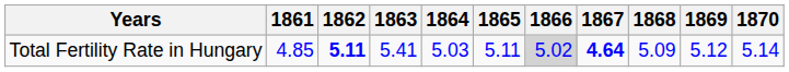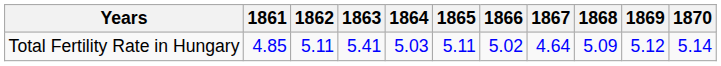 <table class="wikitable " style="text-align:right">
 <tr>
 <th>Years</th>
 <th>1861</th>
 <th>1862</th>
 <th>1863</th>
 <th>1864</th>
 <th>1865</th>
 <th>1866</th>
 <th>1867</th>
 <th>1868</th>
 <th>1869</th>
 <th>1870</th>
 </tr>
 <tr>
 <td align="left">Total Fertility Rate in Hungary</td>
 <td style="text-align:right; color:blue;">4.85</td>
-<td style="text-align:right; color:blue;"><strong>5.11</strong></td>
+<td style="text-align:right; color:blue;">5.11</td>
 <td style="text-align:right; color:blue;">5.41</td>
 <td style="text-align:right; color:blue;">5.03</td>
 <td style="text-align:right; color:blue;">5.11</td>
-<td style="background: lightgrey; text-align:right; color:blue;">5.02</td>
-<td style="text-align:right; color:blue;"><strong>4.64</strong></td>
+<td style="text-align:right; color:blue;">5.02</td>
+<td style="text-align:right; color:blue;">4.64</td>
 <td style="text-align:right; color:blue;">5.09</td>
 <td style="text-align:right; color:blue;">5.12</td>
 <td style="text-align:right; color:blue;">5.14</td>
 </tr>
 </table>
